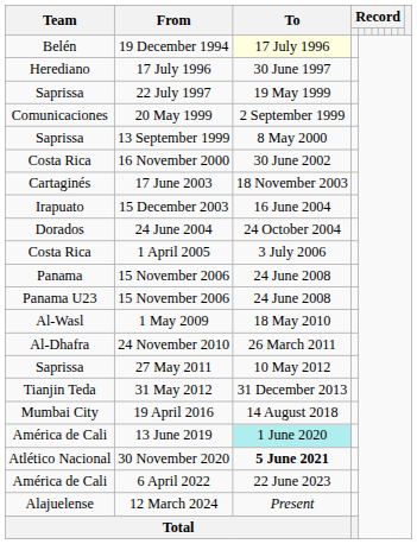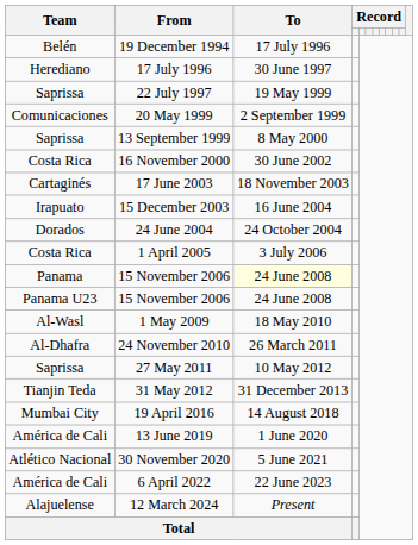 <table class="wikitable" style="text-align: center;">
 <tr>
 <th rowspan="2">Team</th>
 <th rowspan="2">From</th>
 <th rowspan="2">To</th>
 <th colspan="8">Record</th>
 <th rowspan="2"></th>
 </tr>
 <tr>
 <th></th>
 <th></th>
 <th></th>
 <th></th>
 <th></th>
 <th></th>
 <th></th>
 <th></th>
 </tr>
 <tr>
 <td>Belén</td>
 <td>19 December 1994</td>
-<td style="background: lightyellow;">17 July 1996<br></td>
+<td>17 July 1996<br></td>
 <td></td>
 </tr>
 <tr>
 <td>Herediano</td>
 <td>17 July 1996</td>
 <td>30 June 1997<br></td>
 <td></td>
 </tr>
 <tr>
 <td>Saprissa</td>
 <td>22 July 1997</td>
 <td>19 May 1999<br></td>
 <td></td>
 </tr>
 <tr>
 <td>Comunicaciones</td>
 <td>20 May 1999</td>
 <td>2 September 1999<br></td>
 <td></td>
 </tr>
 <tr>
 <td>Saprissa</td>
 <td>13 September 1999</td>
 <td>8 May 2000<br></td>
 <td></td>
 </tr>
 <tr>
 <td>Costa Rica</td>
 <td>16 November 2000</td>
 <td>30 June 2002<br></td>
 <td></td>
 </tr>
 <tr>
 <td>Cartaginés</td>
 <td>17 June 2003</td>
 <td>18 November 2003<br></td>
 <td></td>
 </tr>
 <tr>
 <td>Irapuato</td>
 <td>15 December 2003</td>
 <td>16 June 2004<br></td>
 <td></td>
 </tr>
 <tr>
 <td>Dorados</td>
 <td>24 June 2004</td>
 <td>24 October 2004<br></td>
 <td></td>
 </tr>
 <tr>
 <td>Costa Rica</td>
 <td>1 April 2005</td>
 <td>3 July 2006<br></td>
 <td></td>
 </tr>
 <tr>
 <td>Panama</td>
 <td>15 November 2006</td>
-<td>24 June 2008<br></td>
+<td style="background: lightyellow;">24 June 2008<br></td>
 <td></td>
 </tr>
 <tr>
 <td>Panama U23</td>
 <td>15 November 2006</td>
 <td>24 June 2008<br></td>
 <td></td>
 </tr>
 <tr>
 <td>Al-Wasl</td>
 <td>1 May 2009</td>
 <td>18 May 2010<br></td>
 <td></td>
 </tr>
 <tr>
 <td>Al-Dhafra</td>
 <td>24 November 2010</td>
 <td>26 March 2011<br></td>
 <td></td>
 </tr>
 <tr>
 <td>Saprissa</td>
 <td>27 May 2011</td>
 <td>10 May 2012<br></td>
 <td></td>
 </tr>
 <tr>
 <td>Tianjin Teda</td>
 <td>31 May 2012</td>
 <td>31 December 2013<br></td>
 <td></td>
 </tr>
 <tr>
 <td>Mumbai City</td>
 <td>19 April 2016</td>
 <td>14 August 2018<br></td>
 <td></td>
 </tr>
 <tr>
 <td>América de Cali</td>
 <td>13 June 2019</td>
-<td style="background: paleturquoise;">1 June 2020<br></td>
+<td>1 June 2020<br></td>
 <td></td>
 </tr>
 <tr>
 <td>Atlético Nacional</td>
 <td>30 November 2020</td>
-<td><strong>5 June 2021<br></strong></td>
+<td>5 June 2021<br></td>
 <td></td>
 </tr>
 <tr>
 <td>América de Cali</td>
 <td>6 April 2022</td>
 <td>22 June 2023<br></td>
 <td></td>
 </tr>
 <tr>
 <td>Alajuelense</td>
 <td>12 March 2024</td>
 <td><em>Present</em><br></td>
 <td></td>
 </tr>
 <tr>
 <th colspan="3">Total<br></th>
 <th></th>
 </tr>
 </table>
